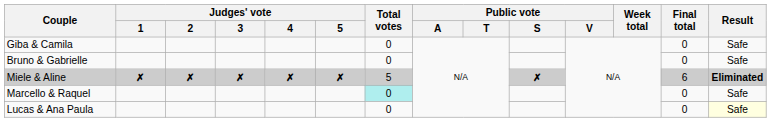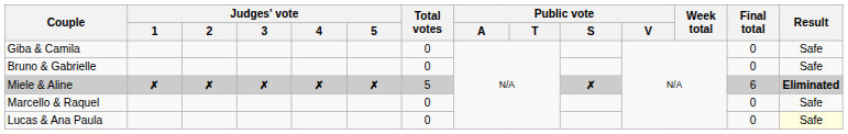 <table class="wikitable" style="font-size:90%; line-height:16px; text-align:center" width="85%">
 <tr>
 <th rowspan=2 width=150>Couple</th>
 <th colspan=5 width=185>Judges' vote</th>
 <th rowspan=2 width=060>Total votes</th>
 <th colspan=4 width=148>Public vote</th>
 <th rowspan=2 width=060>Week total</th>
 <th rowspan=2 width=060>Final total</th>
 <th rowspan=2 width=075>Result</th>
 </tr>
 <tr>
 <th>1</th>
 <th>2</th>
 <th>3</th>
 <th>4</th>
 <th>5</th>
 <th>A</th>
 <th>T</th>
 <th>S</th>
 <th>V</th>
 </tr>
 <tr>
 <td align="left">Giba & Camila</td>
 <td></td>
 <td></td>
 <td></td>
 <td></td>
 <td></td>
 <td>0</td>
 <td rowspan=5 colspan=2><small>N/A</small></td>
 <td></td>
 <td rowspan=5 colspan=2><small>N/A</small></td>
 <td>0</td>
 <td>Safe</td>
 </tr>
 <tr>
 <td align="left">Bruno & Gabrielle</td>
 <td></td>
 <td></td>
 <td></td>
 <td></td>
 <td></td>
 <td>0</td>
 <td></td>
 <td>0</td>
 <td>Safe</td>
 </tr>
 <tr bgcolor="CCCCCC">
 <td align="left">Miele & Aline</td>
 <td><strong>✗</strong></td>
 <td><strong>✗</strong></td>
 <td><strong>✗</strong></td>
 <td><strong>✗</strong></td>
 <td><strong>✗</strong></td>
 <td>5</td>
 <td><strong>✗</strong></td>
 <td>6</td>
 <td><strong>Eliminated</strong></td>
 </tr>
 <tr>
 <td align="left">Marcello & Raquel</td>
 <td></td>
 <td></td>
 <td></td>
 <td></td>
 <td></td>
-<td style="background: paleturquoise;">0</td>
+<td>0</td>
 <td></td>
 <td>0</td>
 <td>Safe</td>
 </tr>
 <tr>
 <td align="left">Lucas & Ana Paula</td>
 <td></td>
 <td></td>
 <td></td>
 <td></td>
 <td></td>
 <td>0</td>
 <td></td>
 <td>0</td>
 <td style="background: lightyellow;">Safe</td>
 </tr>
 </table>
